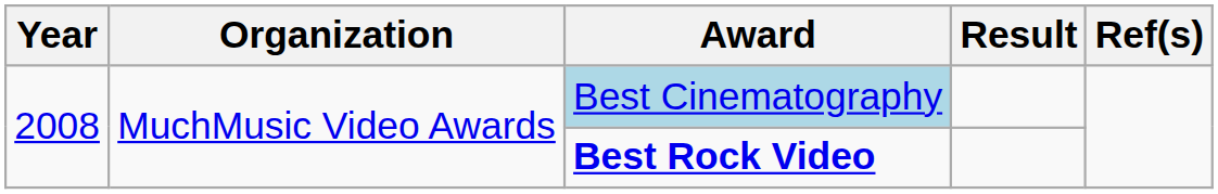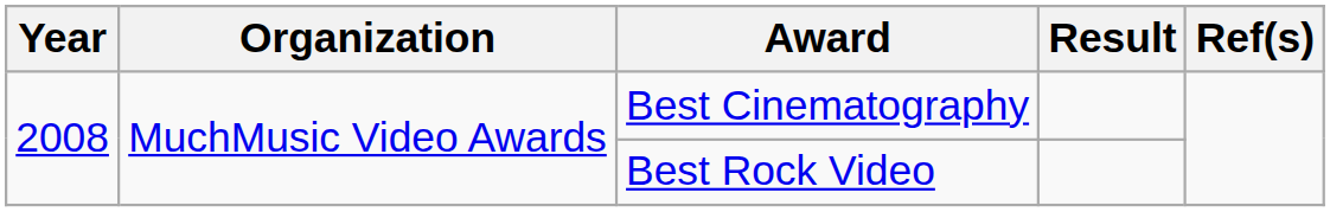 <table class="wikitable plainrowheaders">
 <tr align=center>
 <th scope="col">Year</th>
 <th scope="col">Organization</th>
 <th scope="col">Award</th>
 <th scope="col">Result</th>
 <th scope="col">Ref(s)</th>
 </tr>
 <tr>
 <td rowspan="2"><a href='#'>2008</a></td>
 <td rowspan="2"><a href='#'>MuchMusic Video Awards</a></td>
-<td style="background: lightblue;"><a href='#'>Best Cinematography</a></td>
+<td><a href='#'>Best Cinematography</a></td>
 <td></td>
 <td style="text-align:center;" rowspan="2"></td>
 </tr>
 <tr>
-<td><strong><a href='#'>Best Rock Video</a></strong></td>
+<td><a href='#'>Best Rock Video</a></td>
 <td></td>
 </tr>
 </table>
